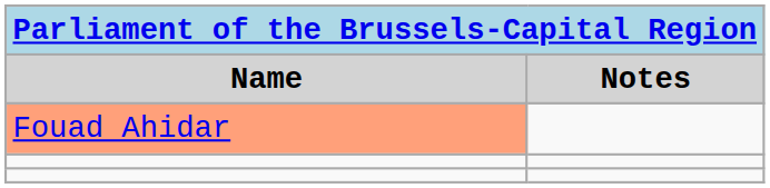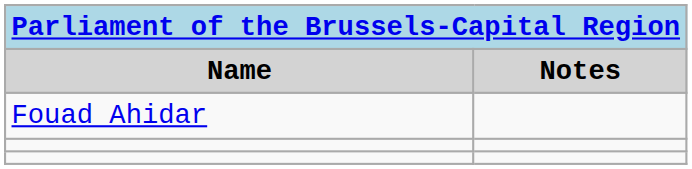 <table class="wikitable">
 <tr>
 <th style="background:LightBlue;" colspan="4"><a href='#'>Parliament of the Brussels-Capital Region</a></th>
 </tr>
 <tr>
 <th style="background:LightGrey;">Name</th>
 <th style="background:LightGrey;">Notes</th>
 </tr>
 <tr>
-<td style="background: lightsalmon;"><a href='#'>Fouad Ahidar</a></td>
+<td><a href='#'>Fouad Ahidar</a></td>
 <td></td>
 </tr>
 <tr>
 <td></td>
 <td></td>
 </tr>
 <tr>
 <td></td>
 <td></td>
 </tr>
 </table>
